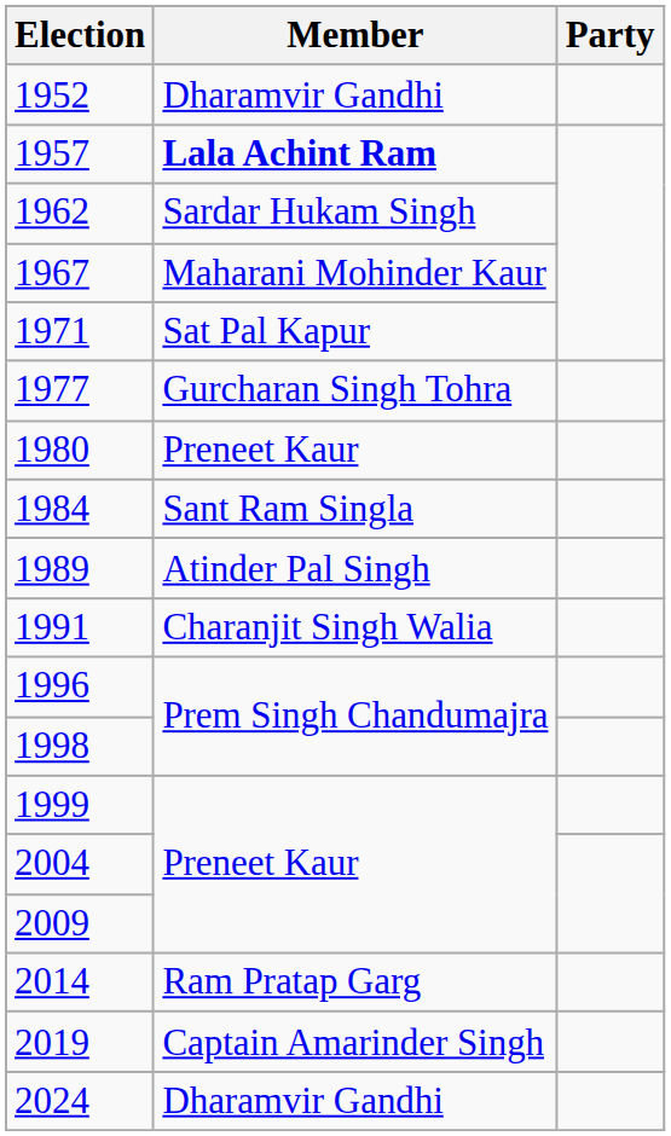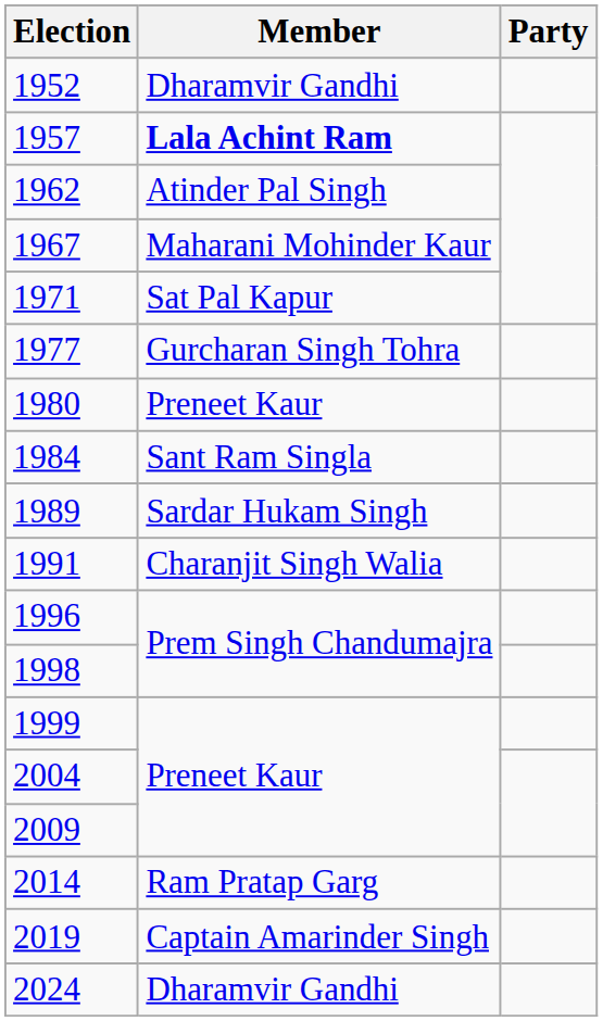 <table class="wikitable sortable">
 <tr>
 <th>Election</th>
 <th>Member</th>
 <th colspan="2">Party</th>
 </tr>
 <tr>
 <td><a href='#'>1952</a></td>
 <td><a href='#'>Dharamvir Gandhi</a></td>
 <td></td>
 </tr>
 <tr>
 <td><a href='#'>1957</a></td>
 <td><strong><a href='#'>Lala Achint Ram</a></strong></td>
 </tr>
 <tr>
 <td><a href='#'>1962</a></td>
-<td><a href='#'>Sardar Hukam Singh</a></td>
+<td><a href='#'>Atinder Pal Singh</a></td>
 </tr>
 <tr>
 <td><a href='#'>1967</a></td>
 <td><a href='#'>Maharani Mohinder Kaur</a></td>
 </tr>
 <tr>
 <td><a href='#'>1971</a></td>
 <td><a href='#'>Sat Pal Kapur</a></td>
 </tr>
 <tr>
 <td><a href='#'>1977</a></td>
 <td><a href='#'>Gurcharan Singh Tohra</a></td>
 <td></td>
 </tr>
 <tr>
 <td><a href='#'>1980</a></td>
 <td><a href='#'>Preneet Kaur</a></td>
 <td></td>
 </tr>
 <tr>
 <td><a href='#'>1984</a></td>
 <td><a href='#'>Sant Ram Singla</a></td>
 <td></td>
 </tr>
 <tr>
 <td><a href='#'>1989</a></td>
-<td><a href='#'>Atinder Pal Singh</a></td>
+<td><a href='#'>Sardar Hukam Singh</a></td>
 <td></td>
 </tr>
 <tr>
 <td><a href='#'>1991</a></td>
 <td><a href='#'>Charanjit Singh Walia</a></td>
 <td></td>
 </tr>
 <tr>
 <td><a href='#'>1996</a></td>
 <td rowspan="2"><a href='#'>Prem Singh Chandumajra</a></td>
 <td></td>
 </tr>
 <tr>
 <td><a href='#'>1998</a></td>
 </tr>
 <tr>
 <td><a href='#'>1999</a></td>
 <td rowspan="3"><a href='#'>Preneet Kaur</a></td>
 <td></td>
 </tr>
 <tr>
 <td><a href='#'>2004</a></td>
 </tr>
 <tr>
 <td><a href='#'>2009</a></td>
 </tr>
 <tr>
 <td><a href='#'>2014</a></td>
 <td><a href='#'>Ram Pratap Garg</a></td>
 <td></td>
 </tr>
 <tr>
 <td><a href='#'>2019</a></td>
 <td><a href='#'>Captain Amarinder Singh</a></td>
 <td></td>
 </tr>
 <tr>
 <td><a href='#'>2024</a></td>
 <td><a href='#'>Dharamvir Gandhi</a></td>
 </tr>
 </table>
